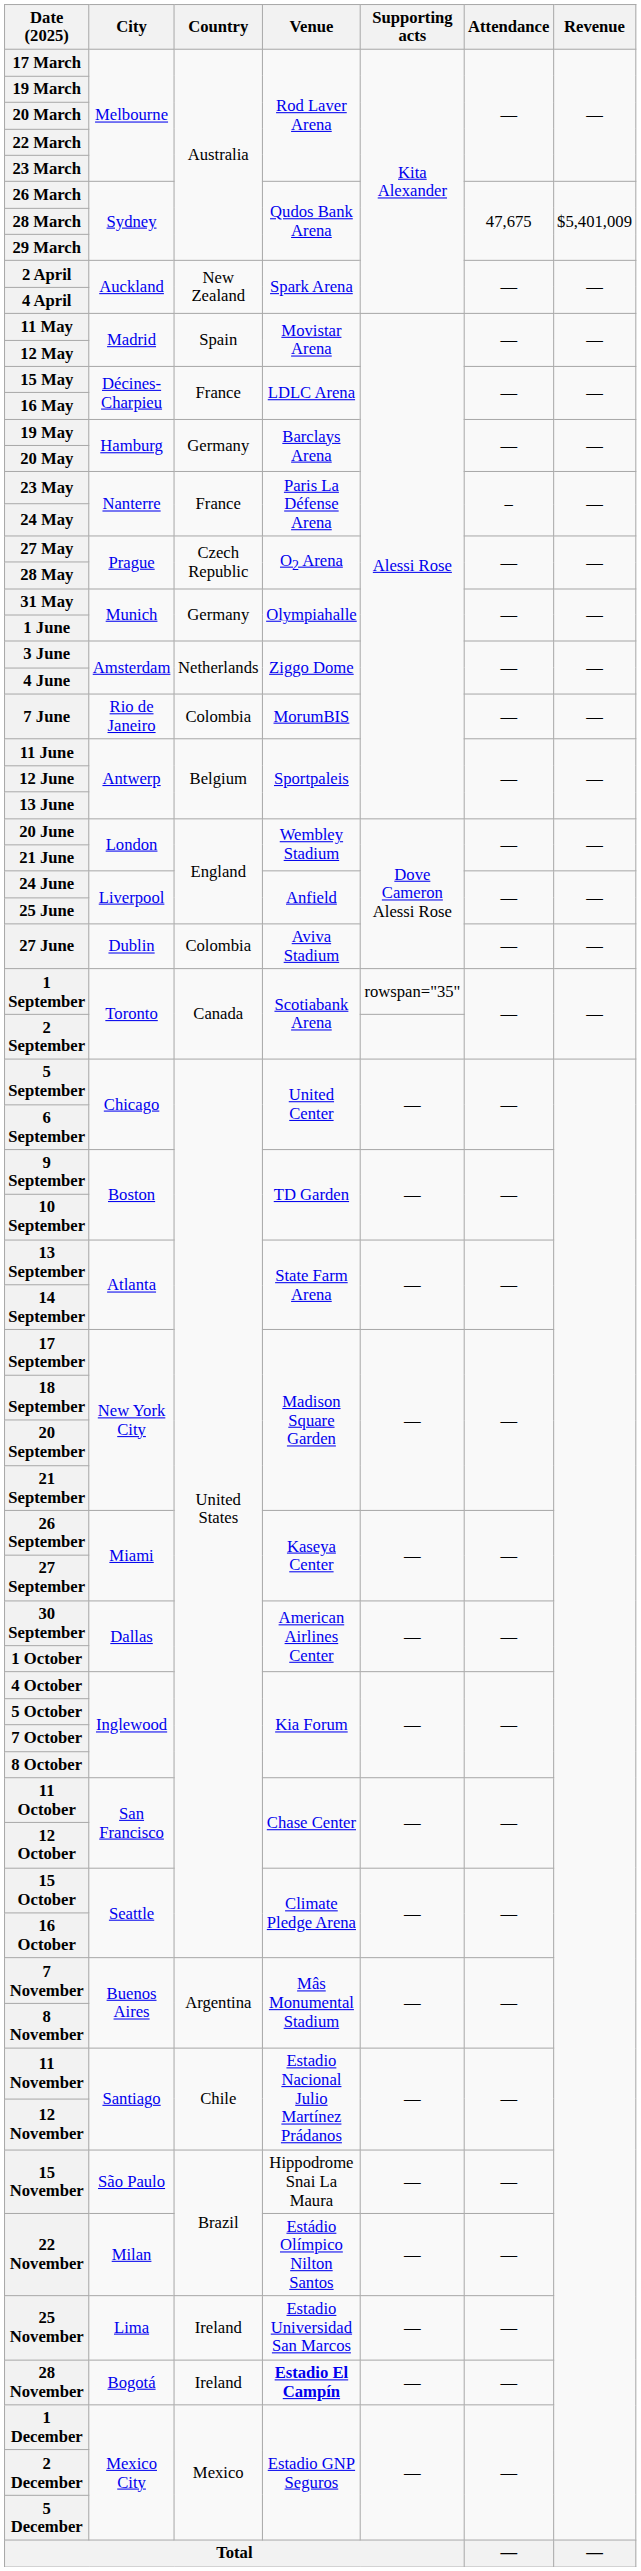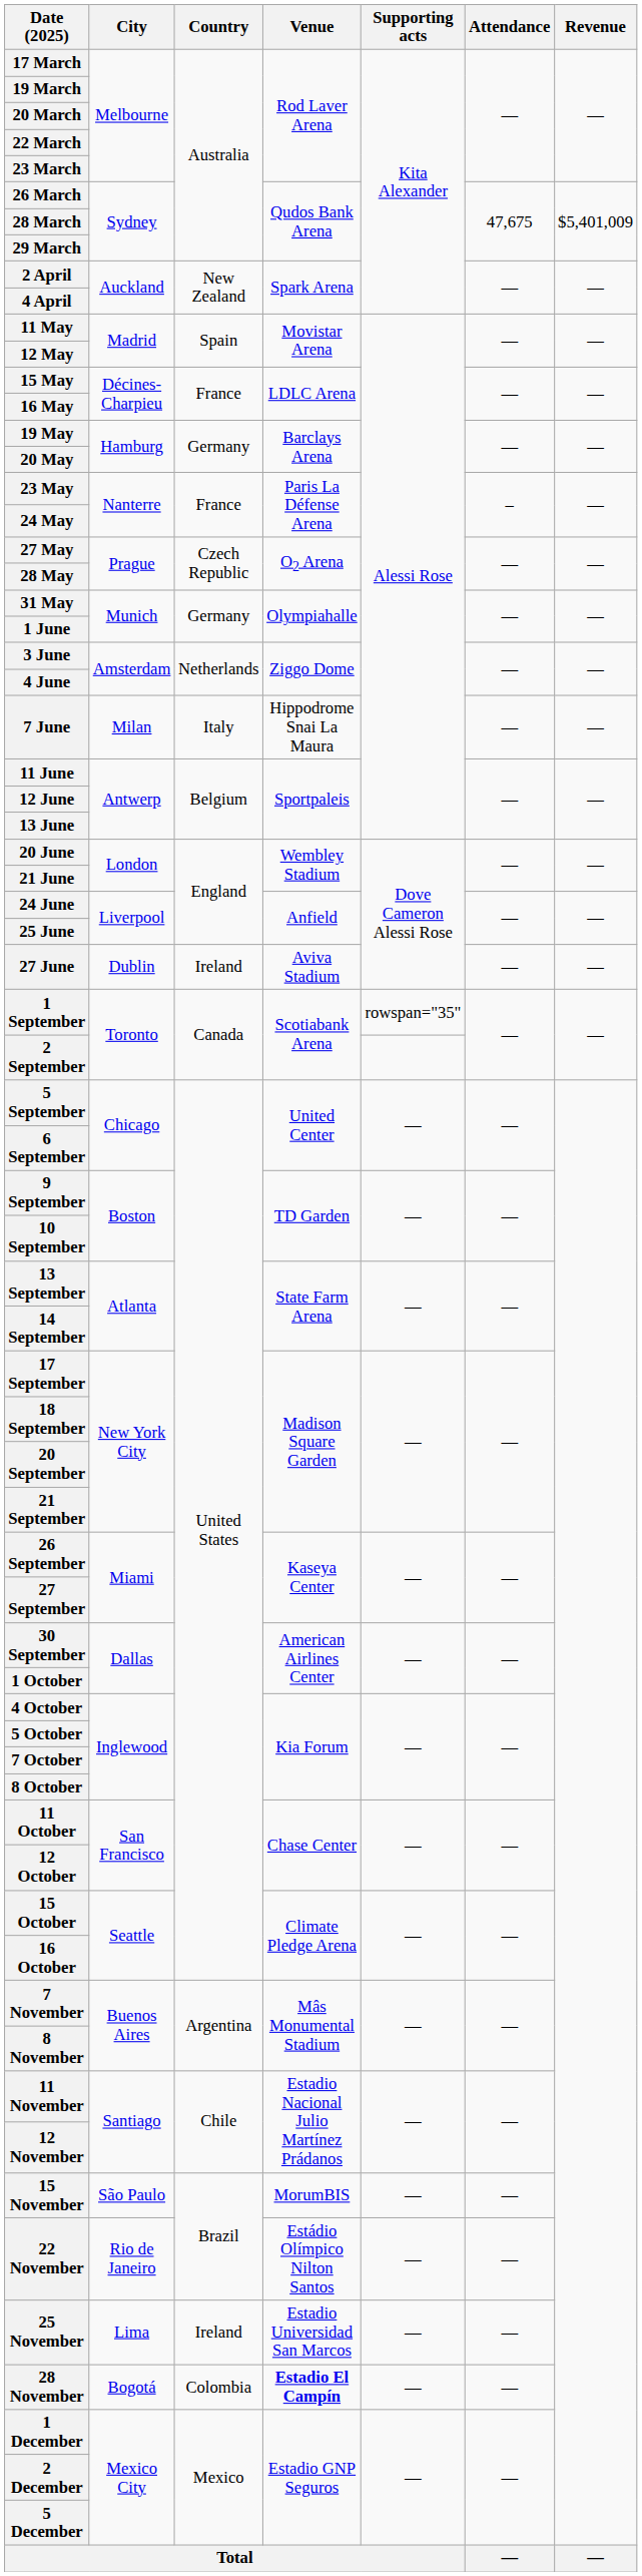 <table class="wikitable plainrowheaders" style="text-align:center;">
 <tr>
 <th scope="col" style="width:12em;">Date (2025)</th>
 <th scope="col" style="width:10em;">City</th>
 <th scope="col" style="width:10em;">Country</th>
 <th scope="col" style="width:20em;">Venue</th>
 <th scope="col" style="width:10em;">Supporting acts</th>
 <th scope="col" style="width:10em;">Attendance</th>
 <th scope="col" style="width:10em;">Revenue</th>
 </tr>
 <tr>
 <th scope="row" style="text-align:center;">17 March</th>
 <td rowspan="5"><a href='#'>Melbourne</a></td>
 <td rowspan="8">Australia</td>
 <td rowspan="5"><a href='#'>Rod Laver Arena</a></td>
 <td rowspan="10"><a href='#'>Kita Alexander</a></td>
 <td rowspan="5">—</td>
 <td rowspan="5">—</td>
 </tr>
 <tr>
 <th scope="row" style="text-align:center;">19 March</th>
 </tr>
 <tr>
 <th scope="row" style="text-align:center;">20 March</th>
 </tr>
 <tr>
 <th scope="row" style="text-align:center;">22 March</th>
 </tr>
 <tr>
 <th scope="row" style="text-align:center;">23 March</th>
 </tr>
 <tr>
 <th scope="row" style="text-align:center;">26 March</th>
 <td rowspan="3"><a href='#'>Sydney</a></td>
 <td rowspan="3"><a href='#'>Qudos Bank Arena</a></td>
 <td rowspan="3">47,675</td>
 <td rowspan="3">$5,401,009</td>
 </tr>
 <tr>
 <th scope="row" style="text-align:center;">28 March</th>
 </tr>
 <tr>
 <th scope="row" style="text-align:center;">29 March</th>
 </tr>
 <tr>
 <th scope="row" style="text-align:center;">2 April</th>
 <td rowspan="2"><a href='#'>Auckland</a></td>
 <td rowspan="2">New Zealand</td>
 <td rowspan="2"><a href='#'>Spark Arena</a></td>
 <td rowspan="2">—</td>
 <td rowspan="2">—</td>
 </tr>
 <tr>
 <th scope="row" style="text-align:center;">4 April</th>
 </tr>
 <tr>
 <th scope="row" style="text-align:center;">11 May</th>
 <td rowspan="2"><a href='#'>Madrid</a></td>
 <td rowspan="2">Spain</td>
 <td rowspan="2"><a href='#'>Movistar Arena</a></td>
 <td rowspan="18"><a href='#'>Alessi Rose</a></td>
 <td rowspan="2">—</td>
 <td rowspan="2">—</td>
 </tr>
 <tr>
 <th scope="row" style="text-align:center;">12 May</th>
 </tr>
 <tr>
 <th scope="row" style="text-align:center;">15 May</th>
 <td rowspan="2"><a href='#'>Décines-Charpieu</a></td>
 <td rowspan="2">France</td>
 <td rowspan="2"><a href='#'>LDLC Arena</a></td>
 <td rowspan="2">—</td>
 <td rowspan="2">—</td>
 </tr>
 <tr>
 <th scope="row" style="text-align:center;">16 May</th>
 </tr>
 <tr>
 <th scope="row" style="text-align:center;">19 May</th>
 <td rowspan="2"><a href='#'>Hamburg</a></td>
 <td rowspan="2">Germany</td>
 <td rowspan="2"><a href='#'>Barclays Arena</a></td>
 <td rowspan="2">—</td>
 <td rowspan="2">—</td>
 </tr>
 <tr>
 <th scope="row" style="text-align:center;">20 May</th>
 </tr>
 <tr>
 <th scope="row" style="text-align:center;">23 May</th>
 <td rowspan="2"><a href='#'>Nanterre</a></td>
 <td rowspan="2">France</td>
 <td rowspan="2"><a href='#'>Paris La Défense Arena</a></td>
 <td rowspan="2">–</td>
 <td rowspan="2">—</td>
 </tr>
 <tr>
 <th scope="row" style="text-align:center;">24 May</th>
 </tr>
 <tr>
 <th scope="row" style="text-align:center;">27 May</th>
 <td rowspan="2"><a href='#'>Prague</a></td>
 <td rowspan="2">Czech Republic</td>
 <td rowspan="2"><a href='#'>O<sub>2</sub> Arena</a></td>
 <td rowspan="2">—</td>
 <td rowspan="2">—</td>
 </tr>
 <tr>
 <th scope="row" style="text-align:center;">28 May</th>
 </tr>
 <tr>
 <th scope="row" style="text-align:center;">31 May</th>
 <td rowspan="2"><a href='#'>Munich</a></td>
 <td rowspan="2">Germany</td>
 <td rowspan="2"><a href='#'>Olympiahalle</a></td>
 <td rowspan="2">—</td>
 <td rowspan="2">—</td>
 </tr>
 <tr>
 <th scope="row" style="text-align:center;">1 June</th>
 </tr>
 <tr>
 <th scope="row" style="text-align:center;">3 June</th>
 <td rowspan="2"><a href='#'>Amsterdam</a></td>
 <td rowspan="2">Netherlands</td>
 <td rowspan="2"><a href='#'>Ziggo Dome</a></td>
 <td rowspan="2">—</td>
 <td rowspan="2">—</td>
 </tr>
 <tr>
 <th scope="row" style="text-align:center;">4 June</th>
 </tr>
 <tr>
 <th scope="row" style="text-align:center;">7 June</th>
-<td><a href='#'>Rio de Janeiro</a></td>
-<td>Colombia</td>
-<td><a href='#'>MorumBIS</a></td>
+<td><a href='#'>Milan</a></td>
+<td>Italy</td>
+<td>Hippodrome Snai La Maura</td>
 <td>—</td>
 <td>—</td>
 </tr>
 <tr>
 <th scope="row" style="text-align:center;">11 June</th>
 <td rowspan="3"><a href='#'>Antwerp</a></td>
 <td rowspan="3">Belgium</td>
 <td rowspan="3"><a href='#'>Sportpaleis</a></td>
 <td rowspan="3">—</td>
 <td rowspan="3">—</td>
 </tr>
 <tr>
 <th scope="row" style="text-align:center;">12 June</th>
 </tr>
 <tr>
 <th scope="row" style="text-align:center;">13 June</th>
 </tr>
 <tr>
 <th scope="row" style="text-align:center;">20 June</th>
 <td rowspan="2"><a href='#'>London</a></td>
 <td rowspan="4">England</td>
 <td rowspan="2"><a href='#'>Wembley Stadium</a></td>
 <td rowspan="5"><a href='#'>Dove Cameron</a> <br>Alessi Rose</td>
 <td rowspan="2">—</td>
 <td rowspan="2">—</td>
 </tr>
 <tr>
 <th scope="row" style="text-align:center;">21 June</th>
 </tr>
 <tr>
 <th scope="row" style="text-align:center;">24 June</th>
 <td rowspan="2"><a href='#'>Liverpool</a></td>
 <td rowspan="2"><a href='#'>Anfield</a></td>
 <td rowspan="2">—</td>
 <td rowspan="2">—</td>
 </tr>
 <tr>
 <th scope="row" style="text-align:center;">25 June</th>
 </tr>
 <tr>
 <th scope="row" style="text-align:center;">27 June</th>
 <td><a href='#'>Dublin</a></td>
-<td>Colombia</td>
+<td>Ireland</td>
 <td><a href='#'>Aviva Stadium</a></td>
 <td>—</td>
 <td>—</td>
 </tr>
 <tr>
 <th scope="row" style="text-align:center;">1 September</th>
 <td rowspan="2"><a href='#'>Toronto</a></td>
 <td rowspan="2">Canada</td>
 <td rowspan="2"><a href='#'>Scotiabank Arena</a></td>
 <td>rowspan="35" </td>
 <td rowspan="2">—</td>
 <td rowspan="2">—</td>
 </tr>
 <tr>
 <th scope="row" style="text-align:center;">2 September</th>
 </tr>
 <tr>
 <th scope="row" style="text-align:center;">5 September</th>
 <td rowspan="2"><a href='#'>Chicago</a></td>
 <td rowspan="22">United States</td>
 <td rowspan="2"><a href='#'>United Center</a></td>
 <td rowspan="2">—</td>
 <td rowspan="2">—</td>
 </tr>
 <tr>
 <th scope="row" style="text-align:center;">6 September</th>
 </tr>
 <tr>
 <th scope="row" style="text-align:center;">9 September</th>
 <td rowspan="2"><a href='#'>Boston</a></td>
 <td rowspan="2"><a href='#'>TD Garden</a></td>
 <td rowspan="2">—</td>
 <td rowspan="2">—</td>
 </tr>
 <tr>
 <th scope="row" style="text-align:center;">10 September</th>
 </tr>
 <tr>
 <th scope="row" style="text-align:center;">13 September</th>
 <td rowspan="2"><a href='#'>Atlanta</a></td>
 <td rowspan="2"><a href='#'>State Farm Arena</a></td>
 <td rowspan="2">—</td>
 <td rowspan="2">—</td>
 </tr>
 <tr>
 <th scope="row" style="text-align:center;">14 September</th>
 </tr>
 <tr>
 <th scope="row" style="text-align:center;">17 September</th>
 <td rowspan="4"><a href='#'>New York City</a></td>
 <td rowspan="4"><a href='#'>Madison Square Garden</a></td>
 <td rowspan="4">—</td>
 <td rowspan="4">—</td>
 </tr>
 <tr>
 <th scope="row" style="text-align:center;">18 September</th>
 </tr>
 <tr>
 <th scope="row" style="text-align:center;">20 September</th>
 </tr>
 <tr>
 <th scope="row" style="text-align:center;">21 September</th>
 </tr>
 <tr>
 <th scope="row" style="text-align:center;">26 September</th>
 <td rowspan="2"><a href='#'>Miami</a></td>
 <td rowspan="2"><a href='#'>Kaseya Center</a></td>
 <td rowspan="2">—</td>
 <td rowspan="2">—</td>
 </tr>
 <tr>
 <th scope="row" style="text-align:center;">27 September</th>
 </tr>
 <tr>
 <th scope="row" style="text-align:center;">30 September</th>
 <td rowspan="2"><a href='#'>Dallas</a></td>
 <td rowspan="2"><a href='#'>American Airlines Center</a></td>
 <td rowspan="2">—</td>
 <td rowspan="2">—</td>
 </tr>
 <tr>
 <th scope="row" style="text-align:center;">1 October</th>
 </tr>
 <tr>
 <th scope="row" style="text-align:center;">4 October</th>
 <td rowspan="4"><a href='#'>Inglewood</a></td>
 <td rowspan="4"><a href='#'>Kia Forum</a></td>
 <td rowspan="4">—</td>
 <td rowspan="4">—</td>
 </tr>
 <tr>
 <th scope="row" style="text-align:center;">5 October</th>
 </tr>
 <tr>
 <th scope="row" style="text-align:center;">7 October</th>
 </tr>
 <tr>
 <th scope="row" style="text-align:center;">8 October</th>
 </tr>
 <tr>
 <th scope="row" style="text-align:center;">11 October</th>
 <td rowspan="2"><a href='#'>San Francisco</a></td>
 <td rowspan="2"><a href='#'>Chase Center</a></td>
 <td rowspan="2">—</td>
 <td rowspan="2">—</td>
 </tr>
 <tr>
 <th scope="row" style="text-align:center;">12 October</th>
 </tr>
 <tr>
 <th scope="row" style="text-align:center;">15 October</th>
 <td rowspan="2"><a href='#'>Seattle</a></td>
 <td rowspan="2"><a href='#'>Climate Pledge Arena</a></td>
 <td rowspan="2">—</td>
 <td rowspan="2">—</td>
 </tr>
 <tr>
 <th scope="row" style="text-align:center;">16 October</th>
 </tr>
 <tr>
 <th scope="row" style="text-align:center;">7 November</th>
 <td rowspan="2"><a href='#'>Buenos Aires</a></td>
 <td rowspan="2">Argentina</td>
 <td rowspan="2"><a href='#'>Mâs Monumental Stadium</a></td>
 <td rowspan="2">—</td>
 <td rowspan="2">—</td>
 </tr>
 <tr>
 <th scope="row" style="text-align:center;">8 November</th>
 </tr>
 <tr>
 <th scope="row" style="text-align:center;">11 November</th>
 <td rowspan="2"><a href='#'>Santiago</a></td>
 <td rowspan="2">Chile</td>
 <td rowspan="2"><a href='#'>Estadio Nacional Julio Martínez Prádanos</a></td>
 <td rowspan="2">—</td>
 <td rowspan="2">—</td>
 </tr>
 <tr>
 <th scope="row" style="text-align:center;">12 November</th>
 </tr>
 <tr>
 <th scope="row" style="text-align:center;">15 November</th>
 <td><a href='#'>São Paulo</a></td>
 <td rowspan="2">Brazil</td>
-<td>Hippodrome Snai La Maura</td>
+<td><a href='#'>MorumBIS</a></td>
 <td>—</td>
 <td>—</td>
 </tr>
 <tr>
 <th scope="row" style="text-align:center;">22 November</th>
-<td><a href='#'>Milan</a></td>
+<td><a href='#'>Rio de Janeiro</a></td>
 <td><a href='#'>Estádio Olímpico Nilton Santos</a></td>
 <td>—</td>
 <td>—</td>
 </tr>
 <tr>
 <th scope="row" style="text-align:center;">25 November</th>
 <td><a href='#'>Lima</a></td>
 <td>Ireland</td>
 <td><a href='#'>Estadio Universidad San Marcos</a></td>
 <td>—</td>
 <td>—</td>
 </tr>
 <tr>
 <th scope="row" style="text-align:center;">28 November</th>
 <td><a href='#'>Bogotá</a></td>
-<td>Ireland</td>
+<td>Colombia</td>
 <td><strong><a href='#'>Estadio El Campín</a></strong></td>
 <td>—</td>
 <td>—</td>
 </tr>
 <tr>
 <th scope="row" style="text-align:center;">1 December</th>
 <td rowspan="3"><a href='#'>Mexico City</a></td>
 <td rowspan="3">Mexico</td>
 <td rowspan="3"><a href='#'>Estadio GNP Seguros</a></td>
 <td rowspan="3">—</td>
 <td rowspan="3">—</td>
 </tr>
 <tr>
 <th scope="row" style="text-align:center;">2 December</th>
 </tr>
 <tr>
 <th scope="row" style="text-align:center;">5 December</th>
 </tr>
 <tr>
 <th colspan="5">Total</th>
 <th>—</th>
 <th>—</th>
 </tr>
 </table>
